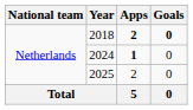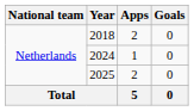 <table class="wikitable" style="text-align:center">
 <tr>
 <th>National team</th>
 <th>Year</th>
 <th>Apps</th>
 <th>Goals</th>
 </tr>
 <tr>
 <td rowspan="3"><a href='#'>Netherlands</a></td>
 <td>2018</td>
-<td><strong>2</strong></td>
-<td><strong>0</strong></td>
+<td>2</td>
+<td>0</td>
 </tr>
 <tr>
 <td>2024</td>
-<td><strong>1</strong></td>
+<td>1</td>
 <td>0</td>
 </tr>
 <tr>
 <td>2025</td>
 <td>2</td>
 <td>0</td>
 </tr>
 <tr>
 <th colspan="2">Total</th>
 <th>5</th>
 <th>0</th>
 </tr>
 </table>
